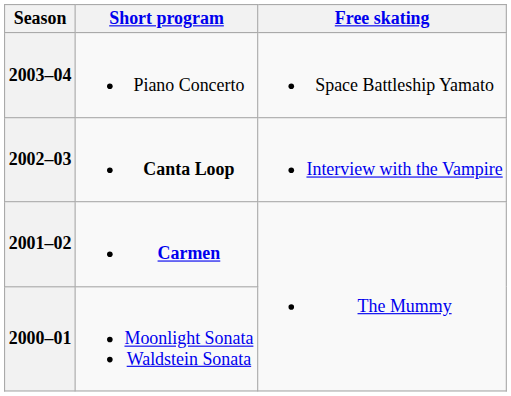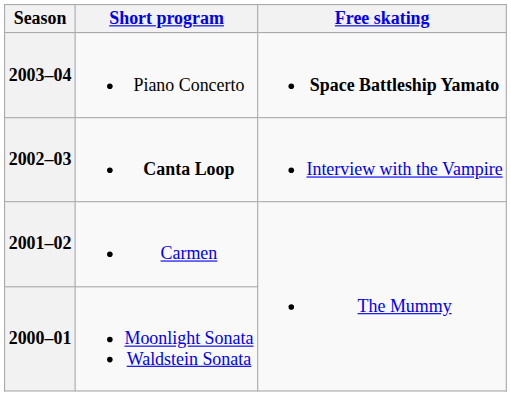 <table class=wikitable style=text-align:center>
 <tr>
 <th>Season</th>
 <th><a href='#'>Short program</a></th>
 <th><a href='#'>Free skating</a></th>
 </tr>
 <tr>
 <th>2003–04 <br> </th>
 <td><br><ul><li>Piano Concerto <br></li></ul></td>
-<td><br><ul><li>Space Battleship Yamato</li></ul></td>
+<td><strong><br><ul><li>Space Battleship Yamato</li></ul></strong></td>
 </tr>
 <tr>
 <th>2002–03 <br> </th>
 <td><strong><br><ul><li>Canta Loop</li></ul></strong></td>
 <td><br><ul><li><a href='#'>Interview with the Vampire</a> <br></li></ul></td>
 </tr>
 <tr>
 <th>2001–02 <br> </th>
-<td><strong><br><ul><li><a href='#'>Carmen</a> <br></li></ul></strong></td>
+<td><br><ul><li><a href='#'>Carmen</a> <br></li></ul></td>
 <td rowspan=2><br><ul><li><a href='#'>The Mummy</a> <br></li></ul></td>
 </tr>
 <tr>
 <th>2000–01 <br> </th>
 <td><br><ul><li><a href='#'>Moonlight Sonata</a> <br></li><li><a href='#'>Waldstein Sonata</a> <br></li></ul></td>
 </tr>
 </table>
